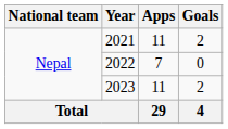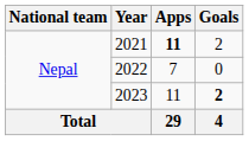 <table class=wikitable style=text-align:center>
 <tr>
 <th>National team</th>
 <th>Year</th>
 <th>Apps</th>
 <th>Goals</th>
 </tr>
 <tr>
 <td rowspan=3><a href='#'>Nepal</a></td>
 <td>2021</td>
-<td>11</td>
+<td><strong>11</strong></td>
 <td>2</td>
 </tr>
 <tr>
 <td>2022</td>
 <td>7</td>
 <td>0</td>
 </tr>
 <tr>
 <td>2023</td>
 <td>11</td>
-<td>2</td>
+<td><strong>2</strong></td>
 </tr>
 <tr>
 <th colspan=2>Total</th>
 <th>29</th>
 <th>4</th>
 </tr>
 </table>
